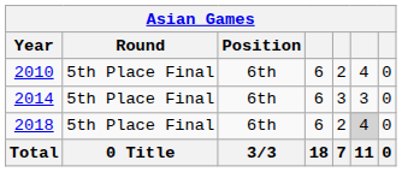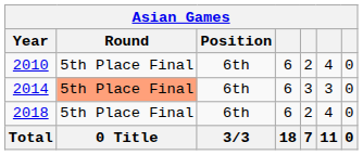 <table class="wikitable" style="text-align: center;">
 <tr>
 <th colspan=10><a href='#'>Asian Games</a></th>
 </tr>
 <tr>
 <th>Year</th>
 <th>Round</th>
 <th>Position</th>
 <th></th>
 <th></th>
 <th></th>
 <th></th>
 </tr>
 <tr>
 <td> <a href='#'>2010</a></td>
 <td>5th Place Final</td>
 <td>6th</td>
 <td>6</td>
 <td>2</td>
 <td>4</td>
 <td>0</td>
 </tr>
 <tr>
 <td> <a href='#'>2014</a></td>
-<td>5th Place Final</td>
+<td style="background: lightsalmon;">5th Place Final</td>
 <td>6th</td>
 <td>6</td>
 <td>3</td>
 <td>3</td>
 <td>0</td>
 </tr>
 <tr>
 <td> <a href='#'>2018</a></td>
 <td>5th Place Final</td>
 <td>6th</td>
 <td>6</td>
 <td>2</td>
-<td style="background: lightgrey;">4</td>
+<td>4</td>
 <td>0</td>
 </tr>
 <tr>
 <th>Total</th>
 <th>0 Title</th>
 <th>3/3</th>
 <th>18</th>
 <th>7</th>
 <th>11</th>
 <th>0</th>
 </tr>
 </table>
